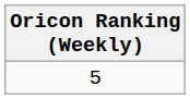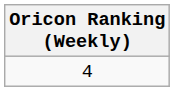 <table class="wikitable">
 <tr>
 <th>Oricon Ranking<br>(Weekly)</th>
 </tr>
 <tr>
-<td align="center">5</td>
+<td align="center">4</td>
 </tr>
 </table>
